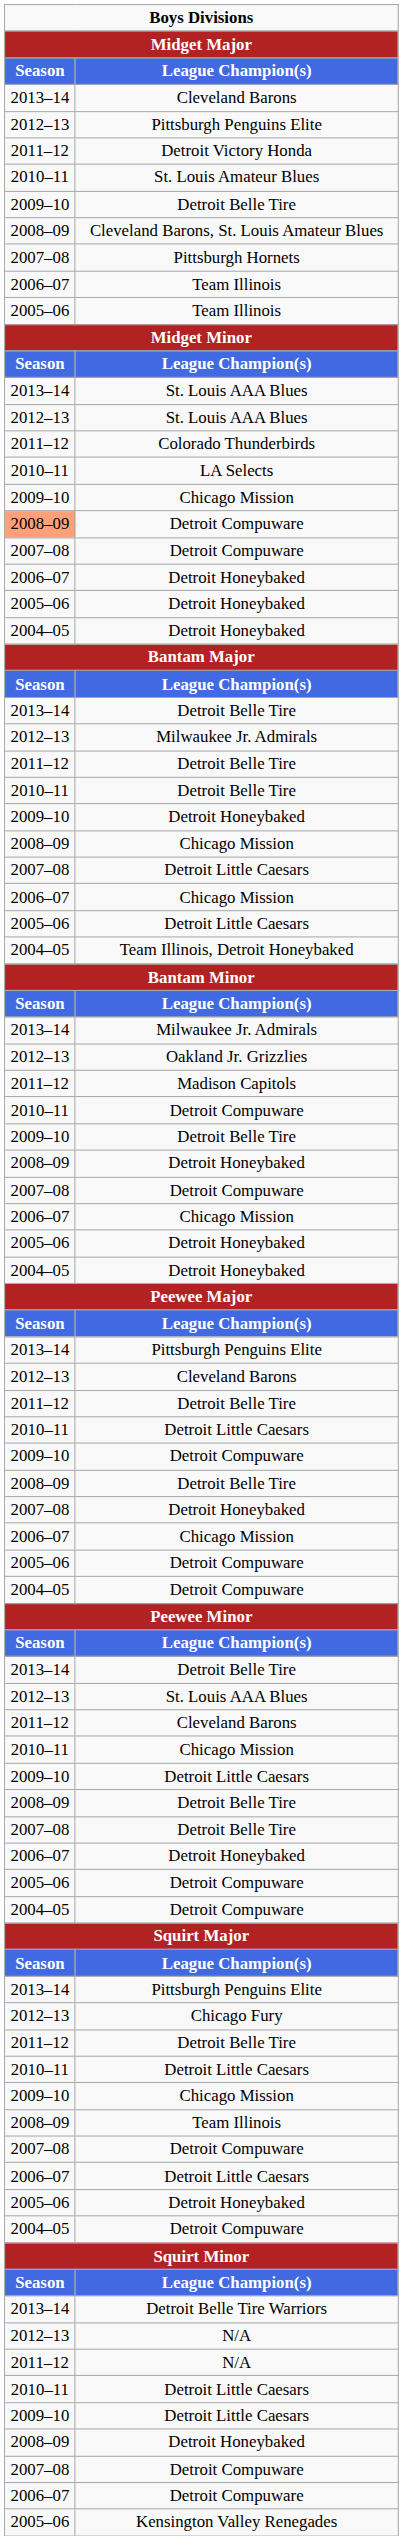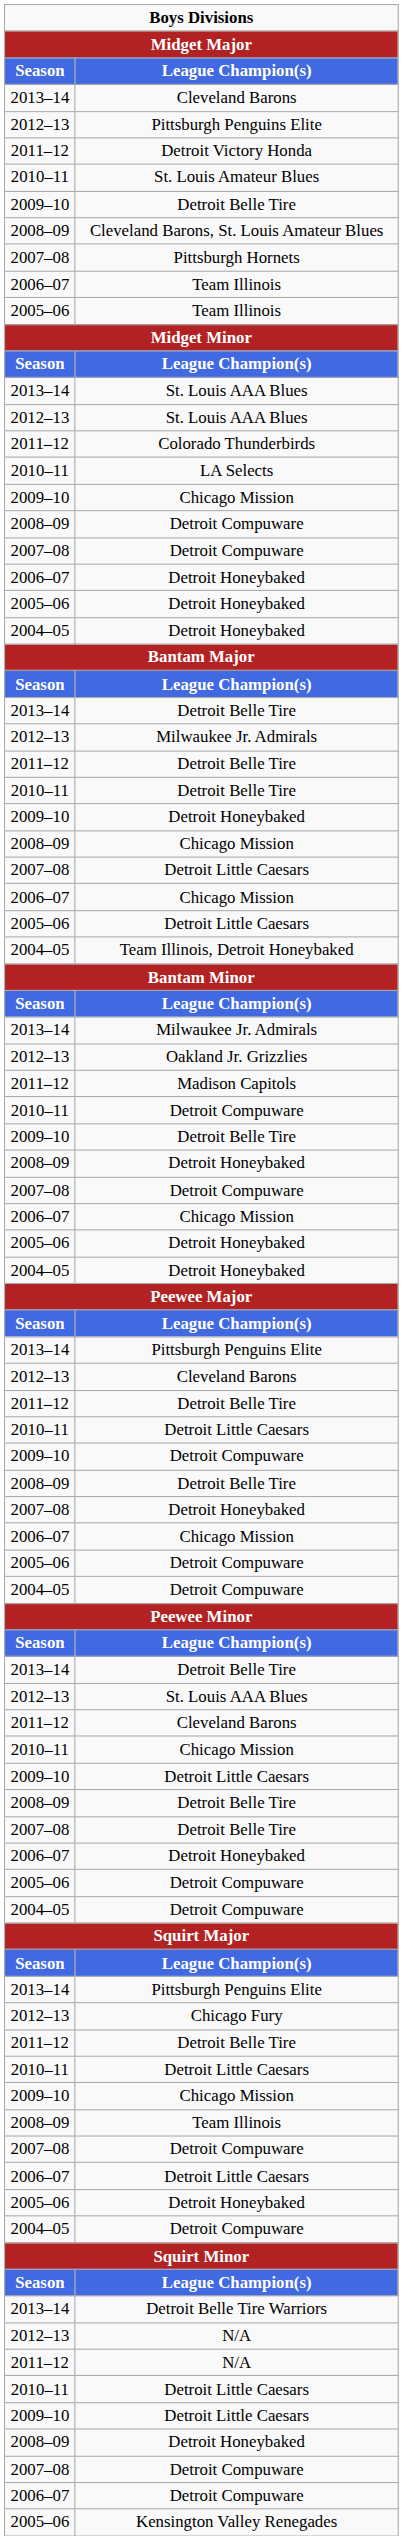 <table class="wikitable sortable" style="text-align:center">
 <tr>
 <td colspan="2"><strong>Boys Divisions</strong></td>
 </tr>
 <tr>
 <td colspan="5" style= "background: #B22222; color: #FFFFFF"><strong>Midget Major</strong></td>
 </tr>
 <tr>
 <th width=60px style="background: #4169E1; color: #FFFFFF">Season</th>
 <th width=300px style="background: #4169E1; color: #FFFFFF">League Champion(s)</th>
 </tr>
 <tr>
 <td>2013–14</td>
 <td>Cleveland Barons</td>
 </tr>
 <tr>
 <td>2012–13</td>
 <td>Pittsburgh Penguins Elite</td>
 </tr>
 <tr>
 <td>2011–12</td>
 <td>Detroit Victory Honda</td>
 </tr>
 <tr>
 <td>2010–11</td>
 <td>St. Louis Amateur Blues</td>
 </tr>
 <tr>
 <td>2009–10</td>
 <td>Detroit Belle Tire</td>
 </tr>
 <tr>
 <td>2008–09</td>
 <td>Cleveland Barons, St. Louis Amateur Blues</td>
 </tr>
 <tr>
 <td>2007–08</td>
 <td>Pittsburgh Hornets</td>
 </tr>
 <tr>
 <td>2006–07</td>
 <td>Team Illinois</td>
 </tr>
 <tr>
 <td>2005–06</td>
 <td>Team Illinois</td>
 </tr>
 <tr>
 <td colspan="5" style= "background: #B22222; color: #FFFFFF"><strong>Midget Minor</strong></td>
 </tr>
 <tr>
 <th width=60px style="background: #4169E1; color: #FFFFFF">Season</th>
 <th width=300px style="background: #4169E1; color: #FFFFFF">League Champion(s)</th>
 </tr>
 <tr>
 <td>2013–14</td>
 <td>St. Louis AAA Blues</td>
 </tr>
 <tr>
 <td>2012–13</td>
 <td>St. Louis AAA Blues</td>
 </tr>
 <tr>
 <td>2011–12</td>
 <td>Colorado Thunderbirds</td>
 </tr>
 <tr>
 <td>2010–11</td>
 <td>LA Selects</td>
 </tr>
 <tr>
 <td>2009–10</td>
 <td>Chicago Mission</td>
 </tr>
 <tr>
-<td style="background: lightsalmon;">2008–09</td>
+<td>2008–09</td>
 <td>Detroit Compuware</td>
 </tr>
 <tr>
 <td>2007–08</td>
 <td>Detroit Compuware</td>
 </tr>
 <tr>
 <td>2006–07</td>
 <td>Detroit Honeybaked</td>
 </tr>
 <tr>
 <td>2005–06</td>
 <td>Detroit Honeybaked</td>
 </tr>
 <tr>
 <td>2004–05</td>
 <td>Detroit Honeybaked</td>
 </tr>
 <tr>
 <td colspan="5" style= "background: #B22222; color: #FFFFFF"><strong>Bantam Major</strong></td>
 </tr>
 <tr>
 <th width=60px style="background: #4169E1; color: #FFFFFF">Season</th>
 <th width=300px style="background: #4169E1; color: #FFFFFF">League Champion(s)</th>
 </tr>
 <tr>
 <td>2013–14</td>
 <td>Detroit Belle Tire</td>
 </tr>
 <tr>
 <td>2012–13</td>
 <td>Milwaukee Jr. Admirals</td>
 </tr>
 <tr>
 <td>2011–12</td>
 <td>Detroit Belle Tire</td>
 </tr>
 <tr>
 <td>2010–11</td>
 <td>Detroit Belle Tire</td>
 </tr>
 <tr>
 <td>2009–10</td>
 <td>Detroit Honeybaked</td>
 </tr>
 <tr>
 <td>2008–09</td>
 <td>Chicago Mission</td>
 </tr>
 <tr>
 <td>2007–08</td>
 <td>Detroit Little Caesars</td>
 </tr>
 <tr>
 <td>2006–07</td>
 <td>Chicago Mission</td>
 </tr>
 <tr>
 <td>2005–06</td>
 <td>Detroit Little Caesars</td>
 </tr>
 <tr>
 <td>2004–05</td>
 <td>Team Illinois, Detroit Honeybaked</td>
 </tr>
 <tr>
 <td colspan="5" style= "background: #B22222; color: #FFFFFF"><strong>Bantam Minor</strong></td>
 </tr>
 <tr>
 <th width=60px style="background: #4169E1; color: #FFFFFF">Season</th>
 <th width=300px style="background: #4169E1; color: #FFFFFF">League Champion(s)</th>
 </tr>
 <tr>
 <td>2013–14</td>
 <td>Milwaukee Jr. Admirals</td>
 </tr>
 <tr>
 <td>2012–13</td>
 <td>Oakland Jr. Grizzlies</td>
 </tr>
 <tr>
 <td>2011–12</td>
 <td>Madison Capitols</td>
 </tr>
 <tr>
 <td>2010–11</td>
 <td>Detroit Compuware</td>
 </tr>
 <tr>
 <td>2009–10</td>
 <td>Detroit Belle Tire</td>
 </tr>
 <tr>
 <td>2008–09</td>
 <td>Detroit Honeybaked</td>
 </tr>
 <tr>
 <td>2007–08</td>
 <td>Detroit Compuware</td>
 </tr>
 <tr>
 <td>2006–07</td>
 <td>Chicago Mission</td>
 </tr>
 <tr>
 <td>2005–06</td>
 <td>Detroit Honeybaked</td>
 </tr>
 <tr>
 <td>2004–05</td>
 <td>Detroit Honeybaked</td>
 </tr>
 <tr>
 <td colspan="5" style= "background: #B22222; color: #FFFFFF"><strong>Peewee Major</strong></td>
 </tr>
 <tr>
 <th width=60px style="background: #4169E1; color: #FFFFFF">Season</th>
 <th width=300px style="background: #4169E1; color: #FFFFFF">League Champion(s)</th>
 </tr>
 <tr>
 <td>2013–14</td>
 <td>Pittsburgh Penguins Elite</td>
 </tr>
 <tr>
 <td>2012–13</td>
 <td>Cleveland Barons</td>
 </tr>
 <tr>
 <td>2011–12</td>
 <td>Detroit Belle Tire</td>
 </tr>
 <tr>
 <td>2010–11</td>
 <td>Detroit Little Caesars</td>
 </tr>
 <tr>
 <td>2009–10</td>
 <td>Detroit Compuware</td>
 </tr>
 <tr>
 <td>2008–09</td>
 <td>Detroit Belle Tire</td>
 </tr>
 <tr>
 <td>2007–08</td>
 <td>Detroit Honeybaked</td>
 </tr>
 <tr>
 <td>2006–07</td>
 <td>Chicago Mission</td>
 </tr>
 <tr>
 <td>2005–06</td>
 <td>Detroit Compuware</td>
 </tr>
 <tr>
 <td>2004–05</td>
 <td>Detroit Compuware</td>
 </tr>
 <tr>
 <td colspan="5" style= "background: #B22222; color: #FFFFFF"><strong>Peewee Minor</strong></td>
 </tr>
 <tr>
 <th width=60px style="background: #4169E1; color: #FFFFFF">Season</th>
 <th width=300px style="background: #4169E1; color: #FFFFFF">League Champion(s)</th>
 </tr>
 <tr>
 <td>2013–14</td>
 <td>Detroit Belle Tire</td>
 </tr>
 <tr>
 <td>2012–13</td>
 <td>St. Louis AAA Blues</td>
 </tr>
 <tr>
 <td>2011–12</td>
 <td>Cleveland Barons</td>
 </tr>
 <tr>
 <td>2010–11</td>
 <td>Chicago Mission</td>
 </tr>
 <tr>
 <td>2009–10</td>
 <td>Detroit Little Caesars</td>
 </tr>
 <tr>
 <td>2008–09</td>
 <td>Detroit Belle Tire</td>
 </tr>
 <tr>
 <td>2007–08</td>
 <td>Detroit Belle Tire</td>
 </tr>
 <tr>
 <td>2006–07</td>
 <td>Detroit Honeybaked</td>
 </tr>
 <tr>
 <td>2005–06</td>
 <td>Detroit Compuware</td>
 </tr>
 <tr>
 <td>2004–05</td>
 <td>Detroit Compuware</td>
 </tr>
 <tr>
 <td colspan="5" style= "background: #B22222; color: #FFFFFF"><strong>Squirt Major</strong></td>
 </tr>
 <tr>
 <th width=60px style="background: #4169E1; color: #FFFFFF">Season</th>
 <th width=300px style="background: #4169E1; color: #FFFFFF">League Champion(s)</th>
 </tr>
 <tr>
 <td>2013–14</td>
 <td>Pittsburgh Penguins Elite</td>
 </tr>
 <tr>
 <td>2012–13</td>
 <td>Chicago Fury</td>
 </tr>
 <tr>
 <td>2011–12</td>
 <td>Detroit Belle Tire</td>
 </tr>
 <tr>
 <td>2010–11</td>
 <td>Detroit Little Caesars</td>
 </tr>
 <tr>
 <td>2009–10</td>
 <td>Chicago Mission</td>
 </tr>
 <tr>
 <td>2008–09</td>
 <td>Team Illinois</td>
 </tr>
 <tr>
 <td>2007–08</td>
 <td>Detroit Compuware</td>
 </tr>
 <tr>
 <td>2006–07</td>
 <td>Detroit Little Caesars</td>
 </tr>
 <tr>
 <td>2005–06</td>
 <td>Detroit Honeybaked</td>
 </tr>
 <tr>
 <td>2004–05</td>
 <td>Detroit Compuware</td>
 </tr>
 <tr>
 <td colspan="5" style= "background: #B22222; color: #FFFFFF"><strong>Squirt Minor</strong></td>
 </tr>
 <tr>
 <th width=60px style="background: #4169E1; color: #FFFFFF">Season</th>
 <th width=300px style="background: #4169E1; color: #FFFFFF">League Champion(s)</th>
 </tr>
 <tr>
 <td>2013–14</td>
 <td>Detroit Belle Tire Warriors</td>
 </tr>
 <tr>
 <td>2012–13</td>
 <td>N/A</td>
 </tr>
 <tr>
 <td>2011–12</td>
 <td>N/A</td>
 </tr>
 <tr>
 <td>2010–11</td>
 <td>Detroit Little Caesars</td>
 </tr>
 <tr>
 <td>2009–10</td>
 <td>Detroit Little Caesars</td>
 </tr>
 <tr>
 <td>2008–09</td>
 <td>Detroit Honeybaked</td>
 </tr>
 <tr>
 <td>2007–08</td>
 <td>Detroit Compuware</td>
 </tr>
 <tr>
 <td>2006–07</td>
 <td>Detroit Compuware</td>
 </tr>
 <tr>
 <td>2005–06</td>
 <td>Kensington Valley Renegades</td>
 </tr>
 </table>
